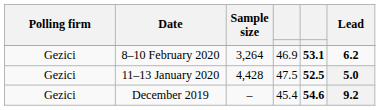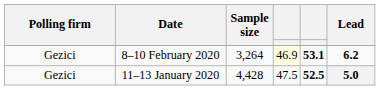 <table class="wikitable sortable" style="text-align:center; font-size:90%; line-height:17px;">
 <tr style="height:42px;">
 <th style="width:125px;" rowspan="2">Polling firm</th>
 <th style="width:125px;" rowspan="2">Date</th>
 <th style="width:50px;"  rowspan="2">Sample size</th>
 <th class="unsortable"></th>
 <th class="unsortable"></th>
 <th style="width:50px;" rowspan="2">Lead</th>
 </tr>
 <tr>
 <th style="color:inherit;background:"></th>
 <th style="color:inherit;background:"></th>
 </tr>
 <tr>
 </tr>
 <tr>
 <td>Gezici</td>
 <td>8–10 February 2020</td>
 <td>3,264</td>
-<td>46.9</td>
+<td style="background: lightyellow;">46.9</td>
 <td style="background:"><strong>53.1</strong></td>
 <td style="background:"><strong>6.2</strong></td>
 </tr>
 <tr>
 <td>Gezici</td>
 <td>11–13 January 2020</td>
 <td>4,428</td>
 <td>47.5</td>
 <td style="background:"><strong>52.5</strong></td>
 <th style="background:"><strong>5.0</strong></th>
 </tr>
-<tr>
-<td>Gezici</td>
-<td>December 2019</td>
-<td>–</td>
-<td>45.4</td>
-<td style="background:"><strong>54.6</strong></td>
-<th style="background:">9.2</th>
-</tr>
 </table>
